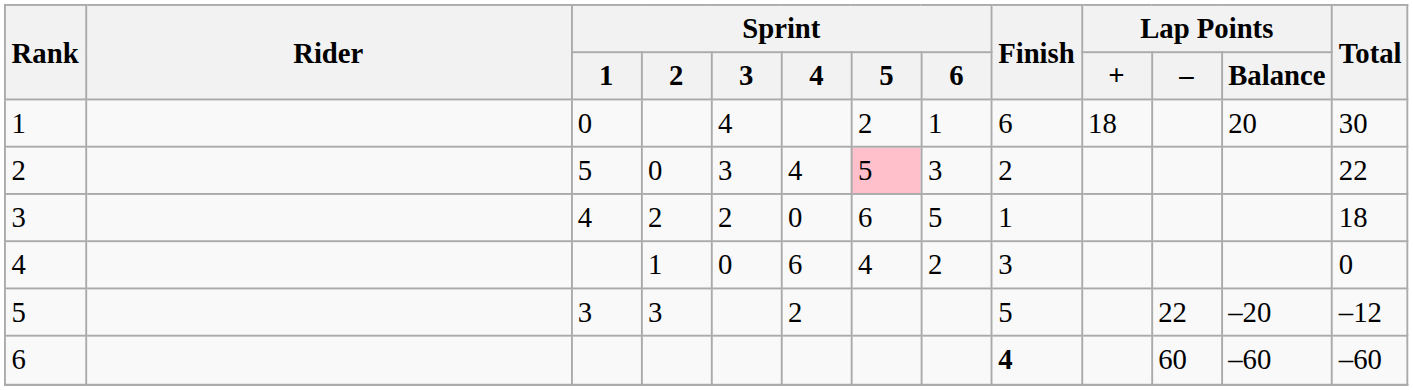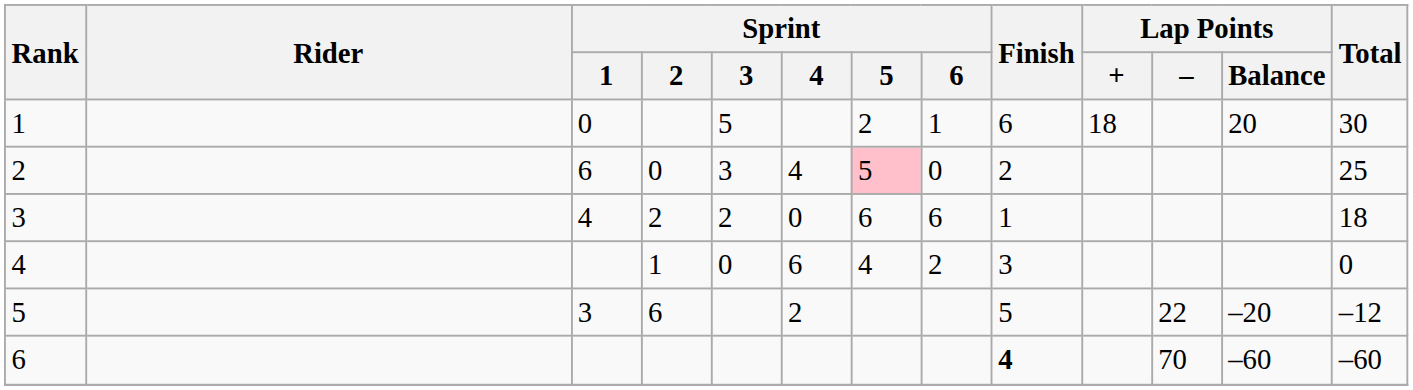 <table class="wikitable" style="font-size:95%" style="width:35em;" style="text-align:center">
 <tr>
 <th rowspan=2>Rank</th>
 <th rowspan=2 width=250>Rider</th>
 <th colspan=6>Sprint</th>
 <th rowspan=2>Finish</th>
 <th colspan=3>Lap Points</th>
 <th rowspan=2>Total</th>
 </tr>
 <tr>
 <th width=30>1</th>
 <th width=30>2</th>
 <th width=30>3</th>
 <th width=30>4</th>
 <th width=30>5</th>
 <th width=30>6</th>
 <th width=30>+</th>
 <th width=30>–</th>
 <th width=40>Balance</th>
 </tr>
 <tr>
 <td>1</td>
 <td align=left></td>
 <td>0</td>
 <td></td>
-<td>4</td>
+<td>5</td>
 <td></td>
 <td>2</td>
 <td>1</td>
 <td>6</td>
 <td>18</td>
 <td></td>
 <td>20</td>
 <td>30</td>
 </tr>
 <tr>
 <td>2</td>
 <td align=left></td>
-<td>5</td>
+<td>6</td>
 <td>0</td>
 <td>3</td>
 <td>4</td>
 <td style="background: pink;">5</td>
-<td>3</td>
+<td>0</td>
 <td>2</td>
 <td></td>
 <td></td>
 <td></td>
-<td>22</td>
+<td>25</td>
 </tr>
 <tr>
 <td>3</td>
 <td align=left></td>
 <td>4</td>
 <td>2</td>
 <td>2</td>
 <td>0</td>
 <td>6</td>
-<td>5</td>
+<td>6</td>
 <td>1</td>
 <td></td>
 <td></td>
 <td></td>
 <td>18</td>
 </tr>
 <tr>
 <td>4</td>
 <td align=left></td>
 <td></td>
 <td>1</td>
 <td>0</td>
 <td>6</td>
 <td>4</td>
 <td>2</td>
 <td>3</td>
 <td></td>
 <td></td>
 <td></td>
 <td>0</td>
 </tr>
 <tr>
 <td>5</td>
 <td align=left></td>
 <td>3</td>
-<td>3</td>
+<td>6</td>
 <td></td>
 <td>2</td>
 <td></td>
 <td></td>
 <td>5</td>
 <td></td>
 <td>22</td>
 <td>–20</td>
 <td>–12</td>
 </tr>
 <tr>
 <td>6</td>
 <td align=left></td>
 <td></td>
 <td></td>
 <td></td>
 <td></td>
 <td></td>
 <td></td>
 <td><strong>4</strong></td>
 <td></td>
-<td>60</td>
+<td>70</td>
 <td>–60</td>
 <td>–60</td>
 </tr>
 <tr>
 </tr>
 </table>
